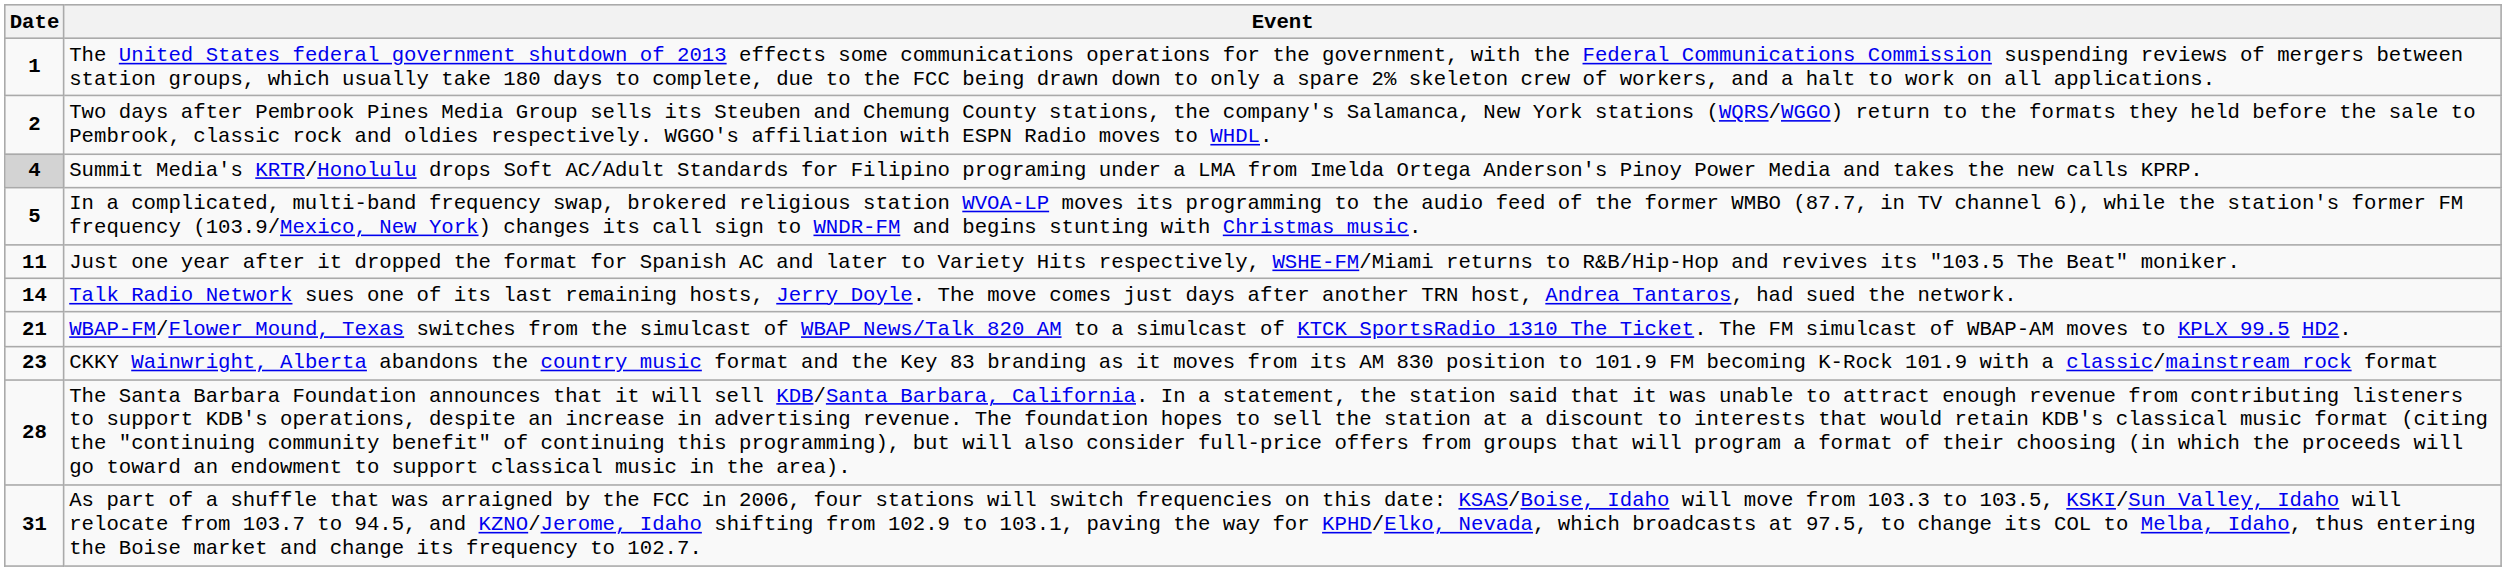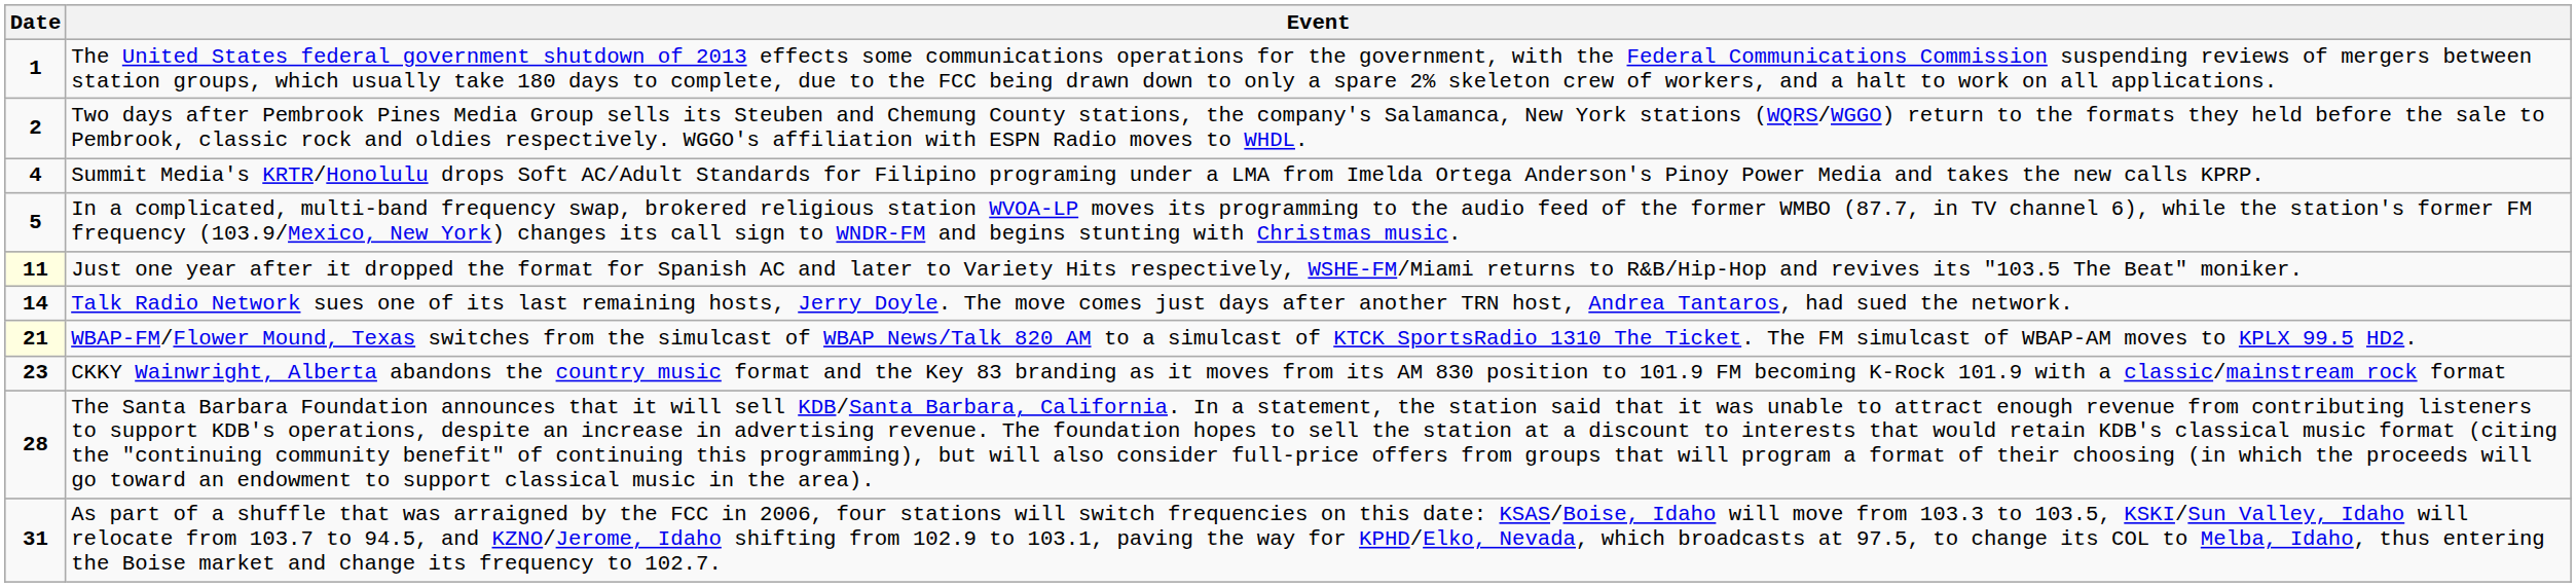 <table class="wikitable">
 <tr>
 <th>Date</th>
 <th>Event</th>
 </tr>
 <tr>
 <td style="text-align:center;"><strong>1</strong></td>
 <td>The <a href='#'>United States federal government shutdown of 2013</a> effects some communications operations for the government, with the <a href='#'>Federal Communications Commission</a> suspending reviews of mergers between station groups, which usually take 180 days to complete, due to the FCC being drawn down to only a spare 2% skeleton crew of workers, and a halt to work on all applications.</td>
 </tr>
 <tr>
 <td style="text-align:center;"><strong>2</strong></td>
 <td>Two days after Pembrook Pines Media Group sells its Steuben and Chemung County stations, the company's Salamanca, New York stations (<a href='#'>WQRS</a>/<a href='#'>WGGO</a>) return to the formats they held before the sale to Pembrook, classic rock and oldies respectively. WGGO's affiliation with ESPN Radio moves to <a href='#'>WHDL</a>.</td>
 </tr>
 <tr>
-<td style="background: lightgrey; text-align:center;"><strong>4</strong></td>
+<td style="text-align:center;"><strong>4</strong></td>
 <td>Summit Media's <a href='#'>KRTR</a>/<a href='#'>Honolulu</a> drops Soft AC/Adult Standards for Filipino programing under a LMA from Imelda Ortega Anderson's Pinoy Power Media and takes the new calls KPRP.</td>
 </tr>
 <tr>
 <td style="text-align:center;"><strong>5</strong></td>
 <td>In a complicated, multi-band frequency swap, brokered religious station <a href='#'>WVOA-LP</a> moves its programming to the audio feed of the former WMBO (87.7, in TV channel 6), while the station's former FM frequency (103.9/<a href='#'>Mexico, New York</a>) changes its call sign to <a href='#'>WNDR-FM</a> and begins stunting with <a href='#'>Christmas music</a>.</td>
 </tr>
 <tr>
-<td style="text-align:center;"><strong>11</strong></td>
+<td style="background: lightyellow; text-align:center;"><strong>11</strong></td>
 <td>Just one year after it dropped the format for Spanish AC and later to Variety Hits respectively, <a href='#'>WSHE-FM</a>/Miami returns to R&B/Hip-Hop and revives its "103.5 The Beat" moniker.</td>
 </tr>
 <tr>
 <td style="text-align:center;"><strong>14</strong></td>
 <td><a href='#'>Talk Radio Network</a> sues one of its last remaining hosts, <a href='#'>Jerry Doyle</a>. The move comes just days after another TRN host, <a href='#'>Andrea Tantaros</a>, had sued the network.</td>
 </tr>
 <tr>
-<td style="text-align:center;"><strong>21</strong></td>
+<td style="background: lightyellow; text-align:center;"><strong>21</strong></td>
 <td><a href='#'>WBAP-FM</a>/<a href='#'>Flower Mound, Texas</a> switches from the simulcast of <a href='#'>WBAP News/Talk 820 AM</a> to a simulcast of <a href='#'>KTCK SportsRadio 1310 The Ticket</a>. The FM simulcast of WBAP-AM moves to <a href='#'>KPLX 99.5</a> <a href='#'>HD2</a>.</td>
 </tr>
 <tr>
 <td style="text-align:center;"><strong>23</strong></td>
 <td>CKKY <a href='#'>Wainwright, Alberta</a> abandons the <a href='#'>country music</a> format and the Key 83 branding as it moves from its AM 830 position to 101.9 FM becoming K-Rock 101.9 with a <a href='#'>classic</a>/<a href='#'>mainstream rock</a> format</td>
 </tr>
 <tr>
 <td style="text-align:center;"><strong>28</strong></td>
 <td>The Santa Barbara Foundation announces that it will sell <a href='#'>KDB</a>/<a href='#'>Santa Barbara, California</a>. In a statement, the station said that it was unable to attract enough revenue from contributing listeners to support KDB's operations, despite an increase in advertising revenue. The foundation hopes to sell the station at a discount to interests that would retain KDB's classical music format (citing the "continuing community benefit" of continuing this programming), but will also consider full-price offers from groups that will program a format of their choosing (in which the proceeds will go toward an endowment to support classical music in the area).</td>
 </tr>
 <tr>
 <td style="text-align:center;"><strong>31</strong></td>
 <td>As part of a shuffle that was arraigned by the FCC in 2006, four stations will switch frequencies on this date: <a href='#'>KSAS</a>/<a href='#'>Boise, Idaho</a> will move from 103.3 to 103.5, <a href='#'>KSKI</a>/<a href='#'>Sun Valley, Idaho</a> will relocate from 103.7 to 94.5, and <a href='#'>KZNO</a>/<a href='#'>Jerome, Idaho</a> shifting from 102.9 to 103.1, paving the way for <a href='#'>KPHD</a>/<a href='#'>Elko, Nevada</a>, which broadcasts at 97.5, to change its COL to <a href='#'>Melba, Idaho</a>, thus entering the Boise market and change its frequency to 102.7.</td>
 </tr>
 </table>
